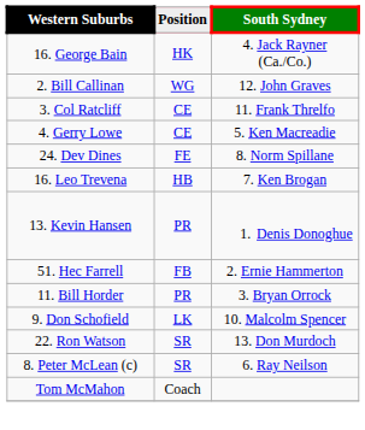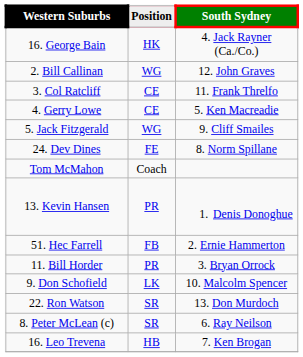 <table align="right" class="wikitable" style="font-size:90%; margin-left:1em">
 <tr bgcolor="#FF0033">
 <th style="width:140px; border:3px solid black; background: black; color: white">Western Suburbs</th>
 <th style="width:40px; text-align:center; background:#eee; color:black;">Position</th>
 <th style="width:140px; border:3px solid red; background: green; color: white">South Sydney</th>
 </tr>
 <tr align=center>
 <td>16. <a href='#'>George Bain</a></td>
 <td><a href='#'>HK</a></td>
 <td>4. <a href='#'>Jack Rayner</a> (Ca./Co.)</td>
 </tr>
 <tr align=center>
 <td>2. <a href='#'>Bill Callinan</a></td>
 <td><a href='#'>WG</a></td>
 <td>12. <a href='#'>John Graves</a></td>
 </tr>
 <tr align=center>
 <td>3. <a href='#'>Col Ratcliff</a></td>
 <td><a href='#'>CE</a></td>
 <td>11. <a href='#'>Frank Threlfo</a></td>
 </tr>
 <tr align=center>
 <td>4. <a href='#'>Gerry Lowe</a></td>
 <td><a href='#'>CE</a></td>
 <td>5. <a href='#'>Ken Macreadie</a></td>
 </tr>
 <tr align=center>
+<td>5. <a href='#'>Jack Fitzgerald</a></td>
+<td><a href='#'>WG</a></td>
+<td>9. <a href='#'>Cliff Smailes</a></td>
+</tr>
+<tr align=center>
 <td>24. <a href='#'>Dev Dines</a></td>
 <td><a href='#'>FE</a></td>
 <td>8. <a href='#'>Norm Spillane</a></td>
 </tr>
 <tr align=center>
-<td>16. <a href='#'>Leo Trevena</a></td>
-<td><a href='#'>HB</a></td>
-<td>7. <a href='#'>Ken Brogan</a></td>
+<td><a href='#'>Tom McMahon</a></td>
+<td>Coach</td>
+<td></td>
 </tr>
 <tr align=center>
 <td>13. <a href='#'>Kevin Hansen</a></td>
 <td><a href='#'>PR</a></td>
 <td><br><ol><li><a href='#'>Denis Donoghue</a></li></ol></td>
 </tr>
 <tr align=center>
 <td>51. <a href='#'>Hec Farrell</a></td>
 <td><a href='#'>FB</a></td>
 <td>2. <a href='#'>Ernie Hammerton</a></td>
 </tr>
 <tr align=center>
 <td>11. <a href='#'>Bill Horder</a></td>
 <td><a href='#'>PR</a></td>
 <td>3. <a href='#'>Bryan Orrock</a></td>
 </tr>
 <tr align=center>
 <td>9. <a href='#'>Don Schofield</a></td>
 <td><a href='#'>LK</a></td>
 <td>10. <a href='#'>Malcolm Spencer</a></td>
 </tr>
 <tr align=center>
 <td>22. <a href='#'>Ron Watson</a></td>
 <td><a href='#'>SR</a></td>
 <td>13. <a href='#'>Don Murdoch</a></td>
 </tr>
 <tr align=center>
 <td>8. <a href='#'>Peter McLean</a> (c)</td>
 <td><a href='#'>SR</a></td>
 <td>6. <a href='#'>Ray Neilson</a></td>
 </tr>
 <tr align=center>
-<td><a href='#'>Tom McMahon</a></td>
-<td>Coach</td>
-<td></td>
+<td>16. <a href='#'>Leo Trevena</a></td>
+<td><a href='#'>HB</a></td>
+<td>7. <a href='#'>Ken Brogan</a></td>
 </tr>
 <tr>
 </tr>
 </table>
